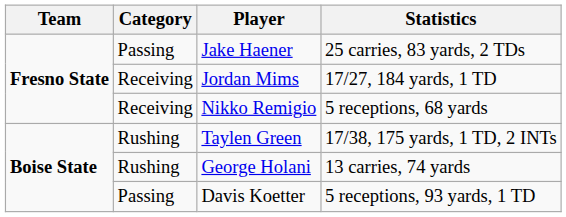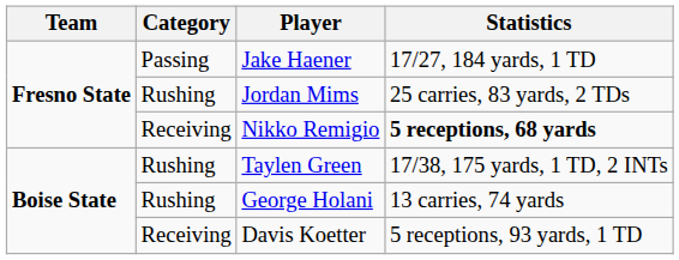 <table class="wikitable" style="float: right;">
 <tr>
 <th>Team</th>
 <th>Category</th>
 <th>Player</th>
 <th>Statistics</th>
 </tr>
 <tr>
 <td rowspan=3><strong>Fresno State</strong></td>
 <td>Passing</td>
 <td><a href='#'>Jake Haener</a></td>
+<td>17/27, 184 yards, 1 TD</td>
+</tr>
+<tr>
+<td>Rushing</td>
+<td><a href='#'>Jordan Mims</a></td>
 <td>25 carries, 83 yards, 2 TDs</td>
 </tr>
 <tr>
 <td>Receiving</td>
-<td><a href='#'>Jordan Mims</a></td>
-<td>17/27, 184 yards, 1 TD</td>
-</tr>
-<tr>
-<td>Receiving</td>
 <td><a href='#'>Nikko Remigio</a></td>
-<td>5 receptions, 68 yards</td>
+<td><strong>5 receptions, 68 yards</strong></td>
 </tr>
 <tr>
 <td rowspan=3><strong>Boise State</strong></td>
 <td>Rushing</td>
 <td><a href='#'>Taylen Green</a></td>
 <td>17/38, 175 yards, 1 TD, 2 INTs</td>
 </tr>
 <tr>
 <td>Rushing</td>
 <td><a href='#'>George Holani</a></td>
 <td>13 carries, 74 yards</td>
 </tr>
 <tr>
-<td>Passing</td>
+<td>Receiving</td>
 <td>Davis Koetter</td>
 <td>5 receptions, 93 yards, 1 TD</td>
 </tr>
 </table>
